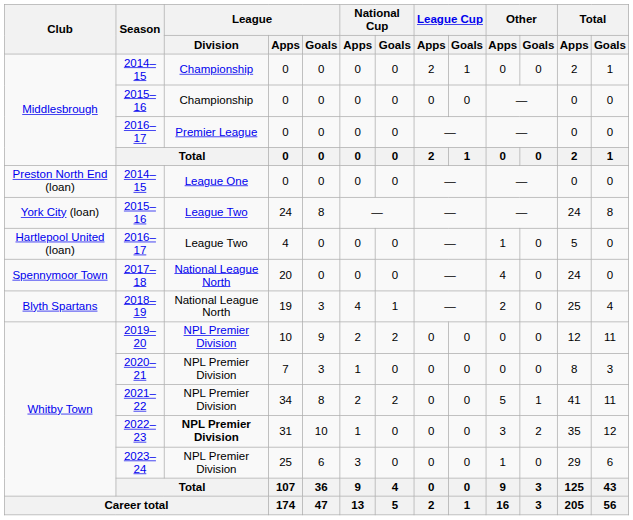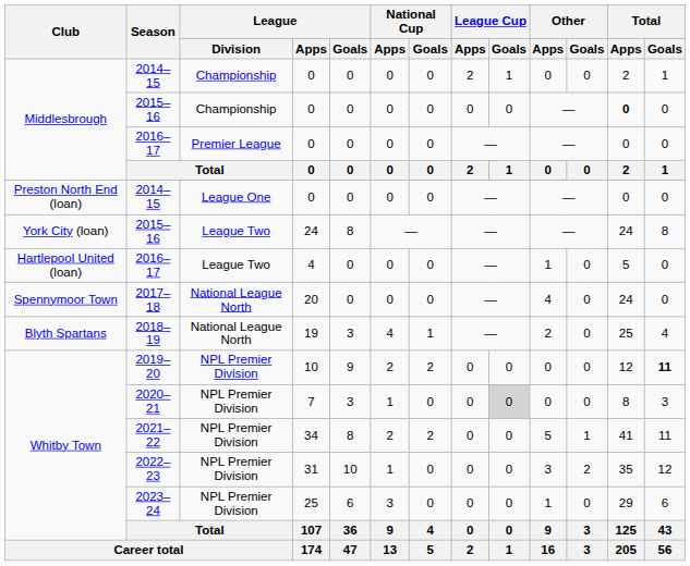 <table class=wikitable style="text-align: center">
 <tr>
 <th rowspan=2>Club</th>
 <th rowspan=2>Season</th>
 <th colspan=3>League</th>
 <th colspan=2>National Cup</th>
 <th colspan=2><a href='#'>League Cup</a></th>
 <th colspan=2>Other</th>
 <th colspan=2>Total</th>
 </tr>
 <tr>
 <th>Division</th>
 <th>Apps</th>
 <th>Goals</th>
 <th>Apps</th>
 <th>Goals</th>
 <th>Apps</th>
 <th>Goals</th>
 <th>Apps</th>
 <th>Goals</th>
 <th>Apps</th>
 <th>Goals</th>
 </tr>
 <tr>
 <td rowspan=4><a href='#'>Middlesbrough</a></td>
 <td><a href='#'>2014–15</a></td>
 <td><a href='#'>Championship</a></td>
 <td>0</td>
 <td>0</td>
 <td>0</td>
 <td>0</td>
 <td>2</td>
 <td>1</td>
 <td>0</td>
 <td>0</td>
 <td>2</td>
 <td>1</td>
 </tr>
 <tr>
 <td><a href='#'>2015–16</a></td>
 <td>Championship</td>
 <td>0</td>
 <td>0</td>
 <td>0</td>
 <td>0</td>
 <td>0</td>
 <td>0</td>
 <td colspan=2>—</td>
-<td>0</td>
+<td><strong>0</strong></td>
 <td>0</td>
 </tr>
 <tr>
 <td><a href='#'>2016–17</a></td>
 <td><a href='#'>Premier League</a></td>
 <td>0</td>
 <td>0</td>
 <td>0</td>
 <td>0</td>
 <td colspan=2>—</td>
 <td colspan=2>—</td>
 <td>0</td>
 <td>0</td>
 </tr>
 <tr>
 <th colspan=2>Total</th>
 <th>0</th>
 <th>0</th>
 <th>0</th>
 <th>0</th>
 <th>2</th>
 <th>1</th>
 <th>0</th>
 <th>0</th>
 <th>2</th>
 <th>1</th>
 </tr>
 <tr>
 <td><a href='#'>Preston North End</a> (loan)</td>
 <td><a href='#'>2014–15</a></td>
 <td><a href='#'>League One</a></td>
 <td>0</td>
 <td>0</td>
 <td>0</td>
 <td>0</td>
 <td colspan=2>—</td>
 <td colspan=2>—</td>
 <td>0</td>
 <td>0</td>
 </tr>
 <tr>
 <td><a href='#'>York City</a> (loan)</td>
 <td><a href='#'>2015–16</a></td>
 <td><a href='#'>League Two</a></td>
 <td>24</td>
 <td>8</td>
 <td colspan=2>—</td>
 <td colspan=2>—</td>
 <td colspan=2>—</td>
 <td>24</td>
 <td>8</td>
 </tr>
 <tr>
 <td><a href='#'>Hartlepool United</a> (loan)</td>
 <td><a href='#'>2016–17</a></td>
 <td>League Two</td>
 <td>4</td>
 <td>0</td>
 <td>0</td>
 <td>0</td>
 <td colspan=2>—</td>
 <td>1</td>
 <td>0</td>
 <td>5</td>
 <td>0</td>
 </tr>
 <tr>
 <td><a href='#'>Spennymoor Town</a></td>
 <td><a href='#'>2017–18</a></td>
 <td><a href='#'>National League North</a></td>
 <td>20</td>
 <td>0</td>
 <td>0</td>
 <td>0</td>
 <td colspan=2>—</td>
 <td>4</td>
 <td>0</td>
 <td>24</td>
 <td>0</td>
 </tr>
 <tr>
 <td><a href='#'>Blyth Spartans</a></td>
 <td><a href='#'>2018–19</a></td>
 <td>National League North</td>
 <td>19</td>
 <td>3</td>
 <td>4</td>
 <td>1</td>
 <td colspan=2>—</td>
 <td>2</td>
 <td>0</td>
 <td>25</td>
 <td>4</td>
 </tr>
 <tr>
 <td rowspan=6><a href='#'>Whitby Town</a></td>
 <td><a href='#'>2019–20</a></td>
 <td><a href='#'>NPL Premier Division</a></td>
 <td>10</td>
 <td>9</td>
 <td>2</td>
 <td>2</td>
 <td>0</td>
 <td>0</td>
 <td>0</td>
 <td>0</td>
 <td>12</td>
-<td>11</td>
+<td><strong>11</strong></td>
 </tr>
 <tr>
 <td><a href='#'>2020–21</a></td>
 <td>NPL Premier Division</td>
 <td>7</td>
 <td>3</td>
 <td>1</td>
 <td>0</td>
 <td>0</td>
-<td>0</td>
+<td style="background: lightgrey;">0</td>
 <td>0</td>
 <td>0</td>
 <td>8</td>
 <td>3</td>
 </tr>
 <tr>
 <td><a href='#'>2021–22</a></td>
 <td>NPL Premier Division</td>
 <td>34</td>
 <td>8</td>
 <td>2</td>
 <td>2</td>
 <td>0</td>
 <td>0</td>
 <td>5</td>
 <td>1</td>
 <td>41</td>
 <td>11</td>
 </tr>
 <tr>
 <td><a href='#'>2022–23</a></td>
-<td><strong>NPL Premier Division</strong></td>
+<td>NPL Premier Division</td>
 <td>31</td>
 <td>10</td>
 <td>1</td>
 <td>0</td>
 <td>0</td>
 <td>0</td>
 <td>3</td>
 <td>2</td>
 <td>35</td>
 <td>12</td>
 </tr>
 <tr>
 <td><a href='#'>2023–24</a></td>
 <td>NPL Premier Division</td>
 <td>25</td>
 <td>6</td>
 <td>3</td>
 <td>0</td>
 <td>0</td>
 <td>0</td>
 <td>1</td>
 <td>0</td>
 <td>29</td>
 <td>6</td>
 </tr>
 <tr>
 <th colspan=2>Total</th>
 <th>107</th>
 <th>36</th>
 <th>9</th>
 <th>4</th>
 <th>0</th>
 <th>0</th>
 <th>9</th>
 <th>3</th>
 <th>125</th>
 <th>43</th>
 </tr>
 <tr>
 <th colspan=3>Career total</th>
 <th>174</th>
 <th>47</th>
 <th>13</th>
 <th>5</th>
 <th>2</th>
 <th>1</th>
 <th>16</th>
 <th>3</th>
 <th>205</th>
 <th>56</th>
 </tr>
 </table>
